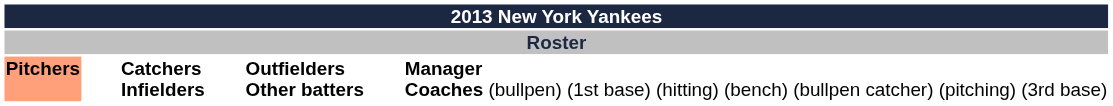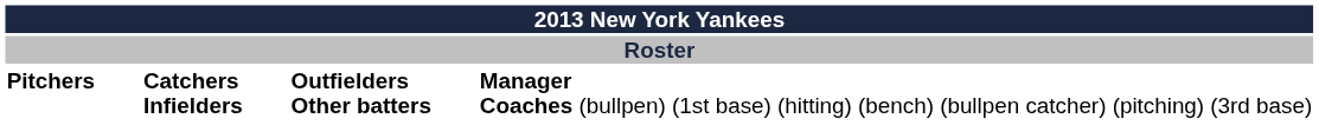 <table class="toccolours" style="font-size: 95%;">
 <tr>
 <th colspan="10" style="background:#1c2841; color:white; text-align:center;">2013 New York Yankees</th>
 </tr>
 <tr>
 <td colspan="10" style="background:silver; color:#1c2841; text-align:center;"><strong>Roster</strong></td>
 </tr>
 <tr>
-<td valign="top" style="background: lightsalmon;"><strong>Pitchers</strong><br>                      </td>
+<td valign="top"><strong>Pitchers</strong><br>                      </td>
 <td style="width:25px;"></td>
 <td valign="top"><strong>Catchers</strong><br>    <strong>Infielders</strong>                  </td>
 <td style="width:25px;"></td>
 <td valign="top"><strong>Outfielders</strong><br>          <strong>Other batters</strong> </td>
 <td style="width:25px;"></td>
 <td valign="top"><strong>Manager</strong><br> <strong>Coaches</strong>  (bullpen)   (1st base)   (hitting)  (bench)  (bullpen catcher)  (pitching)  (3rd base)</td>
 </tr>
 </table>
